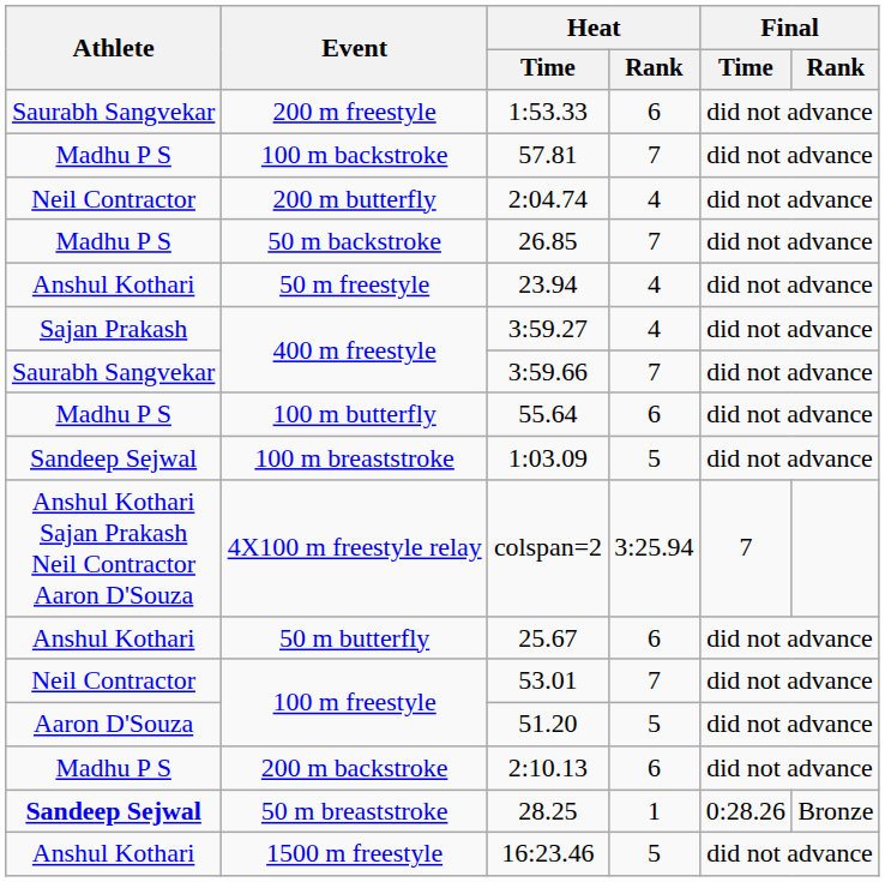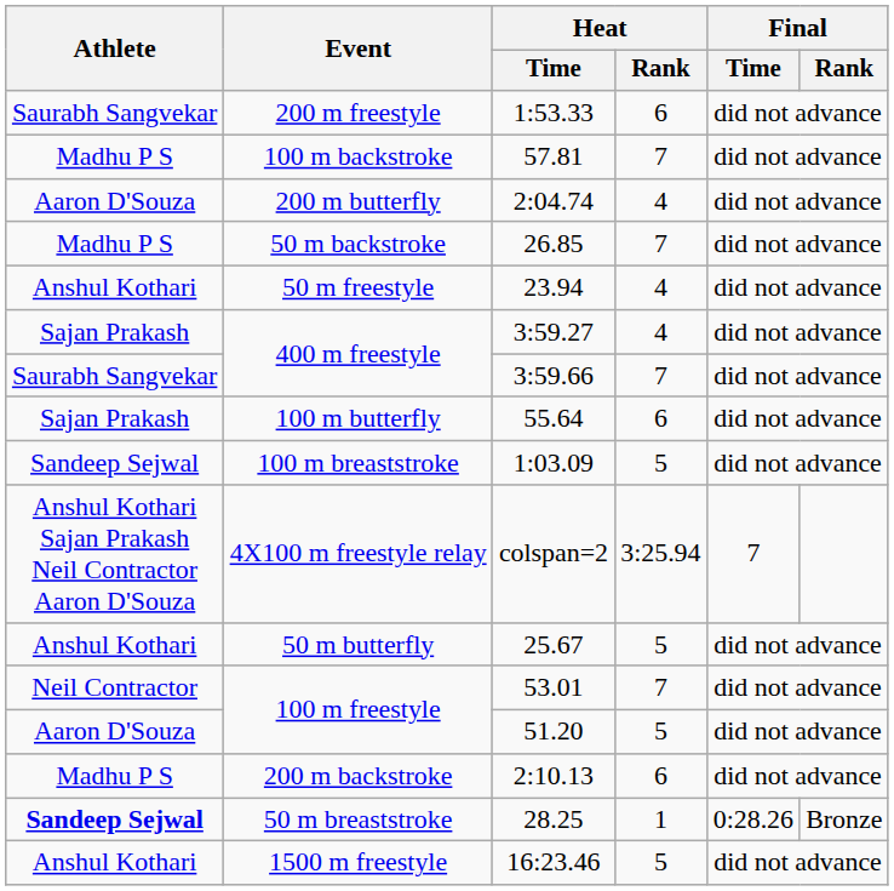 <table class=wikitable style=font-size:90%>
 <tr align=center>
 <th rowspan=2>Athlete</th>
 <th rowspan=2>Event</th>
 <th colspan=2>Heat</th>
 <th colspan=2>Final</th>
 </tr>
 <tr style=font-size:95%>
 <th>Time</th>
 <th>Rank</th>
 <th>Time</th>
 <th>Rank</th>
 </tr>
 <tr align=center>
 <td><a href='#'>Saurabh Sangvekar</a></td>
 <td><a href='#'>200 m freestyle</a></td>
 <td>1:53.33</td>
 <td align=center>6</td>
 <td style="text-align:center;" colspan=2>did not advance</td>
 </tr>
 <tr align=center>
 <td><a href='#'>Madhu P S</a></td>
 <td><a href='#'>100 m backstroke</a></td>
 <td>57.81</td>
 <td align=center>7</td>
 <td style="text-align:center;" colspan=2>did not advance</td>
 </tr>
 <tr align=center>
-<td><a href='#'>Neil Contractor</a></td>
+<td><a href='#'>Aaron D'Souza</a></td>
 <td><a href='#'>200 m butterfly</a></td>
 <td>2:04.74</td>
 <td align=center>4</td>
 <td style="text-align:center;" colspan=2>did not advance</td>
 </tr>
 <tr align=center>
 <td><a href='#'>Madhu P S</a></td>
 <td><a href='#'>50 m backstroke</a></td>
 <td>26.85</td>
 <td>7</td>
 <td style="text-align:center;" colspan=2>did not advance</td>
 </tr>
 <tr align=center>
 <td><a href='#'>Anshul Kothari</a></td>
 <td><a href='#'>50 m freestyle</a></td>
 <td>23.94</td>
 <td>4</td>
 <td style="text-align:center;" colspan=2>did not advance</td>
 </tr>
 <tr align=center>
 <td><a href='#'>Sajan Prakash</a></td>
 <td rowspan=2><a href='#'>400 m freestyle</a></td>
 <td>3:59.27</td>
 <td>4</td>
 <td style="text-align:center;" colspan=2>did not advance</td>
 </tr>
 <tr align=center>
 <td><a href='#'>Saurabh Sangvekar</a></td>
 <td>3:59.66</td>
 <td>7</td>
 <td style="text-align:center;" colspan=2>did not advance</td>
 </tr>
 <tr align=center>
-<td><a href='#'>Madhu P S</a></td>
+<td><a href='#'>Sajan Prakash</a></td>
 <td><a href='#'>100 m butterfly</a></td>
 <td>55.64</td>
 <td>6</td>
 <td style="text-align:center;" colspan=2>did not advance</td>
 </tr>
 <tr align=center>
 <td><a href='#'>Sandeep Sejwal</a></td>
 <td><a href='#'>100 m breaststroke</a></td>
 <td>1:03.09</td>
 <td>5</td>
 <td style="text-align:center;" colspan=2>did not advance</td>
 </tr>
 <tr align=center>
 <td><a href='#'>Anshul Kothari</a><br><a href='#'>Sajan Prakash</a><br><a href='#'>Neil Contractor</a><br><a href='#'>Aaron D'Souza</a></td>
 <td><a href='#'>4X100 m freestyle relay</a></td>
 <td>colspan=2 </td>
 <td>3:25.94</td>
 <td>7</td>
 </tr>
 <tr align=center>
 <td><a href='#'>Anshul Kothari</a></td>
 <td><a href='#'>50 m butterfly</a></td>
 <td>25.67</td>
-<td>6</td>
+<td>5</td>
 <td colspan=2>did not advance</td>
 </tr>
 <tr align=center>
 <td><a href='#'>Neil Contractor</a></td>
 <td rowspan=2><a href='#'>100 m freestyle</a></td>
 <td>53.01</td>
 <td>7</td>
 <td colspan=2>did not advance</td>
 </tr>
 <tr align=center>
 <td><a href='#'>Aaron D'Souza</a></td>
 <td>51.20</td>
 <td>5</td>
 <td colspan=2>did not advance</td>
 </tr>
 <tr align=center>
 <td><a href='#'>Madhu P S</a></td>
 <td><a href='#'>200 m backstroke</a></td>
 <td>2:10.13</td>
 <td>6</td>
 <td colspan=2>did not advance</td>
 </tr>
 <tr align=center>
 <td><strong><a href='#'>Sandeep Sejwal</a></strong></td>
 <td><a href='#'>50 m breaststroke</a></td>
 <td>28.25</td>
 <td>1</td>
 <td>0:28.26</td>
 <td> Bronze</td>
 </tr>
 <tr align=center>
 <td><a href='#'>Anshul Kothari</a></td>
 <td><a href='#'>1500 m freestyle</a></td>
 <td>16:23.46</td>
 <td>5</td>
 <td colspan=2>did not advance</td>
 </tr>
 </table>
